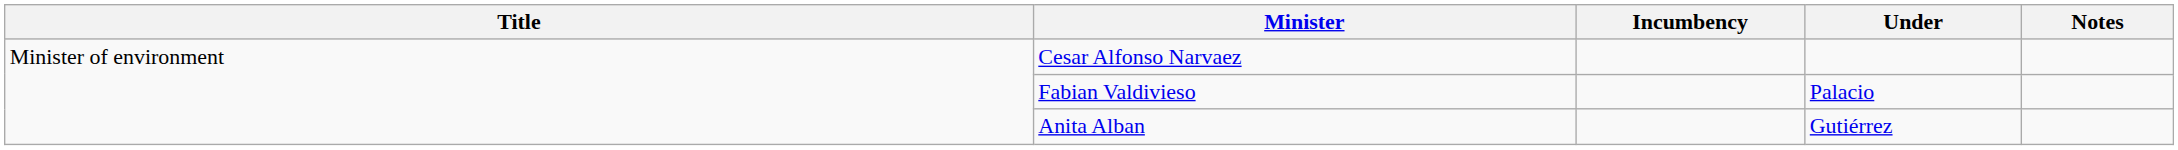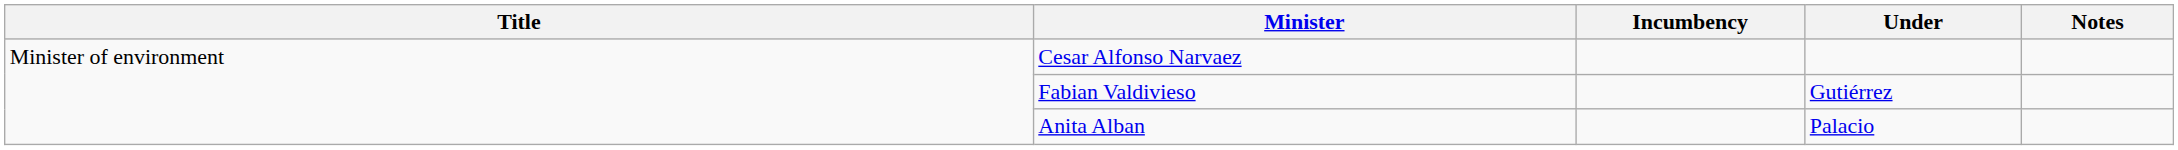 <table class="wikitable" style="width:100%;">
 <tr>
 <th>Title</th>
 <th style="width:25%;"><a href='#'>Minister</a></th>
 <th style="width:160px;">Incumbency</th>
 <th style="width:10%;">Under</th>
 <th style="width:7%;">Notes</th>
 </tr>
 <tr>
 <td rowspan="3" style="vertical-align:top;">Minister of environment</td>
 <td><a href='#'>Cesar Alfonso Narvaez</a></td>
 <td></td>
 <td></td>
 <td></td>
 </tr>
 <tr>
 <td><a href='#'>Fabian Valdivieso</a></td>
 <td></td>
-<td><a href='#'>Palacio</a></td>
+<td><a href='#'>Gutiérrez</a></td>
 <td></td>
 </tr>
 <tr>
 <td><a href='#'>Anita Alban</a></td>
 <td></td>
-<td><a href='#'>Gutiérrez</a></td>
+<td><a href='#'>Palacio</a></td>
 <td></td>
 </tr>
 </table>
